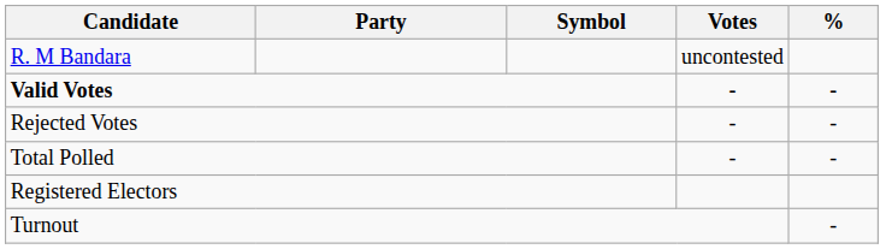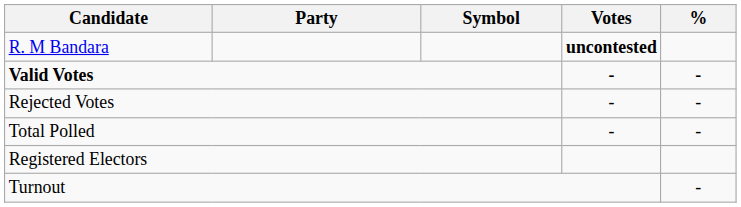 <table class="wikitable" border="1" style="text-align:right;">
 <tr>
 <th align=left width="180">Candidate</th>
 <th align=left width="180">Party</th>
 <th align=left width="120">Symbol</th>
 <th align=left width="60">Votes</th>
 <th align=left width="60">%</th>
 </tr>
 <tr>
 <td align=left><a href='#'>R. M Bandara</a></td>
 <td align=left></td>
 <td></td>
-<td align=left>uncontested</td>
+<td align=left><strong>uncontested</strong></td>
 <td></td>
 </tr>
 <tr>
 <td align=left colspan=3><strong>Valid Votes</strong></td>
 <td align=center><strong>-</strong></td>
 <td align=center><strong>-</strong></td>
 </tr>
 <tr>
 <td align=left colspan=3>Rejected Votes</td>
 <td align=center>-</td>
 <td align=center>-</td>
 </tr>
 <tr>
 <td align=left colspan=3>Total Polled</td>
 <td align=center>-</td>
 <td align=center>-</td>
 </tr>
 <tr>
 <td align=left colspan=3>Registered Electors</td>
 <td></td>
 <td></td>
 </tr>
 <tr>
 <td align=left colspan=4>Turnout</td>
 <td align=center>-</td>
 </tr>
 </table>
